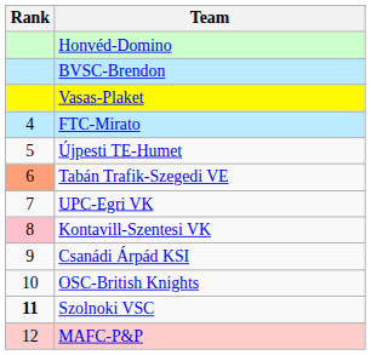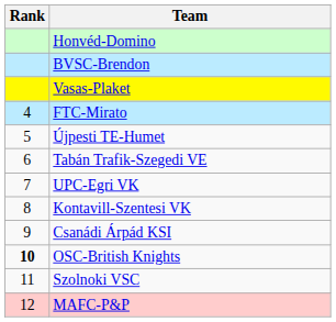 <table class="wikitable">
 <tr>
 <th width=40>Rank</th>
 <th width=290>Team</th>
 </tr>
 <tr bgcolor=#ccffcc>
 <td align="center"></td>
 <td align="left"> <a href='#'>Honvéd-Domino</a></td>
 </tr>
 <tr bgcolor=#bbebff>
 <td align="center"></td>
 <td align="left"> <a href='#'>BVSC-Brendon</a></td>
 </tr>
 <tr bgcolor=#fffa00>
 <td align="center"></td>
 <td align="left"> <a href='#'>Vasas-Plaket</a></td>
 </tr>
 <tr bgcolor=#bbebff>
 <td align="center">4</td>
 <td align="left"> <a href='#'>FTC-Mirato</a></td>
 </tr>
 <tr>
 <td align="center">5</td>
 <td align="left"> <a href='#'>Újpesti TE-Humet</a></td>
 </tr>
 <tr>
-<td align="center" style="background: lightsalmon;">6</td>
+<td align="center">6</td>
 <td align="left"> <a href='#'>Tabán Trafik-Szegedi VE</a></td>
 </tr>
 <tr>
 <td align="center">7</td>
 <td align="left"> <a href='#'>UPC-Egri VK</a></td>
 </tr>
 <tr>
-<td align="center" style="background: pink;">8</td>
+<td align="center">8</td>
 <td align="left"> <a href='#'>Kontavill-Szentesi VK</a></td>
 </tr>
 <tr>
 <td align="center">9</td>
 <td align="left"> <a href='#'>Csanádi Árpád KSI</a></td>
 </tr>
 <tr>
-<td align="center">10</td>
+<td align="center"><strong>10</strong></td>
 <td align="left"> <a href='#'>OSC-British Knights</a></td>
 </tr>
 <tr>
-<td align="center"><strong>11</strong></td>
+<td align="center">11</td>
 <td align="left"> <a href='#'>Szolnoki VSC</a></td>
 </tr>
 <tr bgcolor=#ffcccc>
 <td align="center">12</td>
 <td align="left"> <a href='#'>MAFC-P&P</a></td>
 </tr>
 </table>
